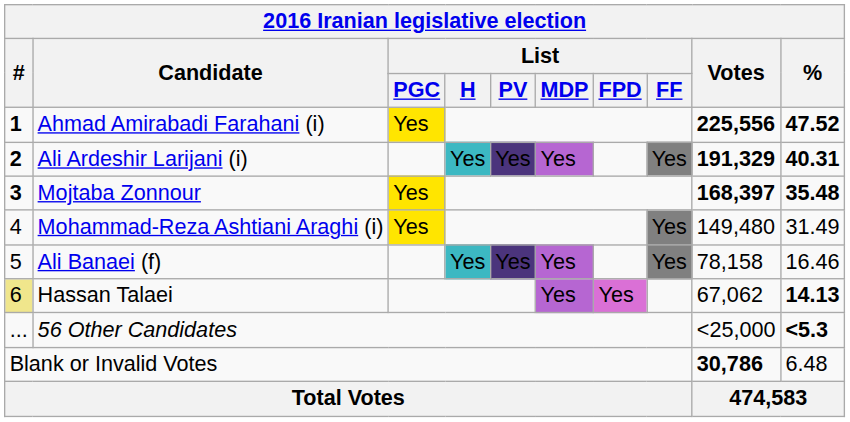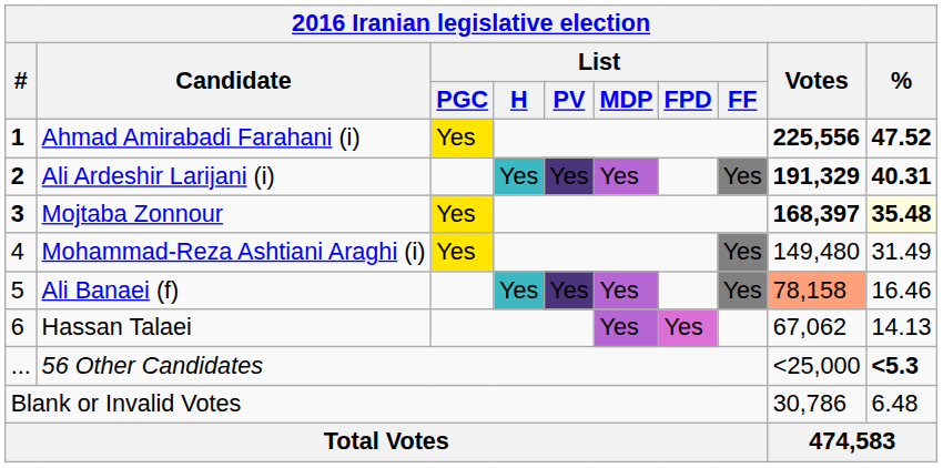 <table class="wikitable">
 <tr>
 <th colspan="10"><a href='#'>2016 Iranian legislative election</a></th>
 </tr>
 <tr>
 <th rowspan="2">#</th>
 <th rowspan="2">Candidate</th>
 <th colspan="6">List</th>
 <th rowspan="2">Votes</th>
 <th rowspan="2">%</th>
 </tr>
 <tr>
 <th><a href='#'>PGC</a></th>
 <th><a href='#'>H</a></th>
 <th><a href='#'>PV</a></th>
 <th><a href='#'>MDP</a></th>
 <th><a href='#'>FPD</a></th>
 <th><a href='#'>FF</a></th>
 </tr>
 <tr>
 <td><strong>1</strong></td>
 <td><a href='#'>Ahmad Amirabadi Farahani</a> (<abbr>i</abbr>)</td>
 <td style="background:#ffe500;"><span>Yes</span></td>
 <td colspan="5"></td>
 <td><strong>225,556</strong></td>
 <td><strong>47.52</strong></td>
 </tr>
 <tr>
 <td><strong>2</strong></td>
 <td><a href='#'>Ali Ardeshir Larijani</a> (<abbr>i</abbr>)</td>
 <td></td>
 <td style="background:#3cb8c2;"><span>Yes</span></td>
 <td style="background:#4b347c;"><span>Yes</span></td>
 <td style="background:#B666D2;"><span>Yes</span></td>
 <td></td>
 <td style="background:#808080;"><span>Yes</span></td>
 <td><strong>191,329</strong></td>
 <td><strong>40.31</strong></td>
 </tr>
 <tr>
 <td><strong>3</strong></td>
 <td><a href='#'>Mojtaba Zonnour</a></td>
 <td style="background:#ffe500;"><span>Yes</span></td>
 <td colspan="5"></td>
 <td><strong>168,397</strong></td>
-<td><strong>35.48</strong></td>
+<td style="background: lightyellow;"><strong>35.48</strong></td>
 </tr>
 <tr>
 <td>4</td>
 <td><a href='#'>Mohammad-Reza Ashtiani Araghi</a> (<abbr>i</abbr>)</td>
 <td style="background:#ffe500;"><span>Yes</span></td>
 <td colspan="4"></td>
 <td style="background:#808080;"><span>Yes</span></td>
 <td>149,480</td>
 <td>31.49</td>
 </tr>
 <tr>
 <td>5</td>
 <td><a href='#'>Ali Banaei</a> (<abbr>f</abbr>)</td>
 <td></td>
 <td style="background:#3cb8c2;"><span>Yes</span></td>
 <td style="background:#4b347c;"><span>Yes</span></td>
 <td style="background:#B666D2;"><span>Yes</span></td>
 <td></td>
 <td style="background:#808080;"><span>Yes</span></td>
-<td>78,158</td>
+<td style="background: lightsalmon;">78,158</td>
 <td>16.46</td>
 </tr>
 <tr>
-<td style="background: khaki;">6</td>
+<td>6</td>
 <td>Hassan Talaei</td>
 <td colspan="3"></td>
 <td style="background:#B666D2;"><span>Yes</span></td>
 <td style="background:#DA70D6;"><span>Yes</span></td>
 <td></td>
 <td>67,062</td>
-<td><strong>14.13</strong></td>
+<td>14.13</td>
 </tr>
 <tr>
 <td>...</td>
 <td colspan="7"><em>56 Other Candidates</em></td>
 <td><25,000</td>
 <td><strong><5.3</strong></td>
 </tr>
 <tr>
 <td colspan="8">Blank or Invalid Votes</td>
-<td><strong>30,786</strong></td>
+<td>30,786</td>
 <td>6.48</td>
 </tr>
 <tr>
 <th colspan="8">Total Votes</th>
 <th colspan="2">474,583</th>
 </tr>
 </table>
